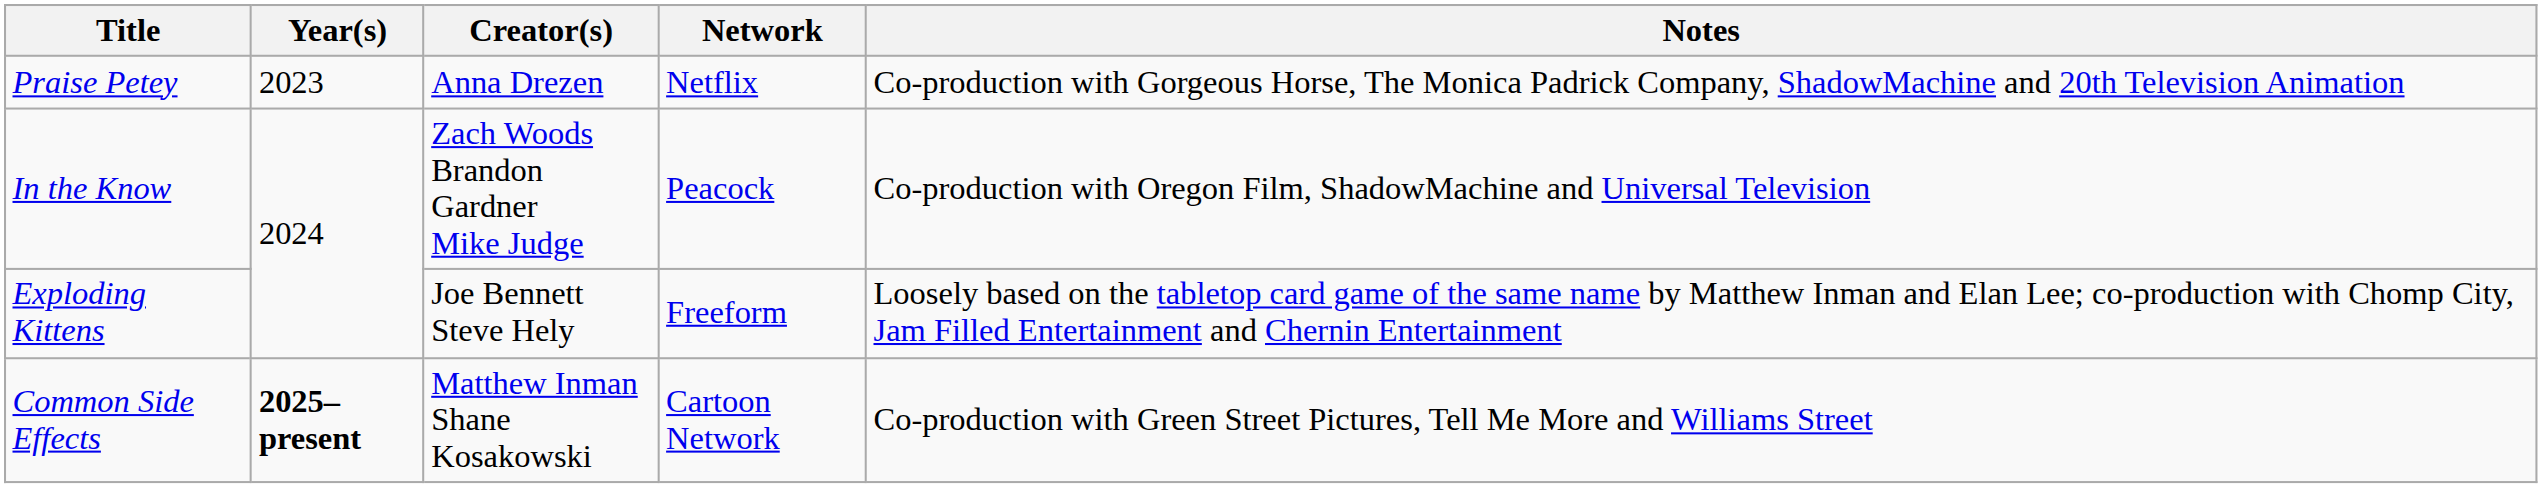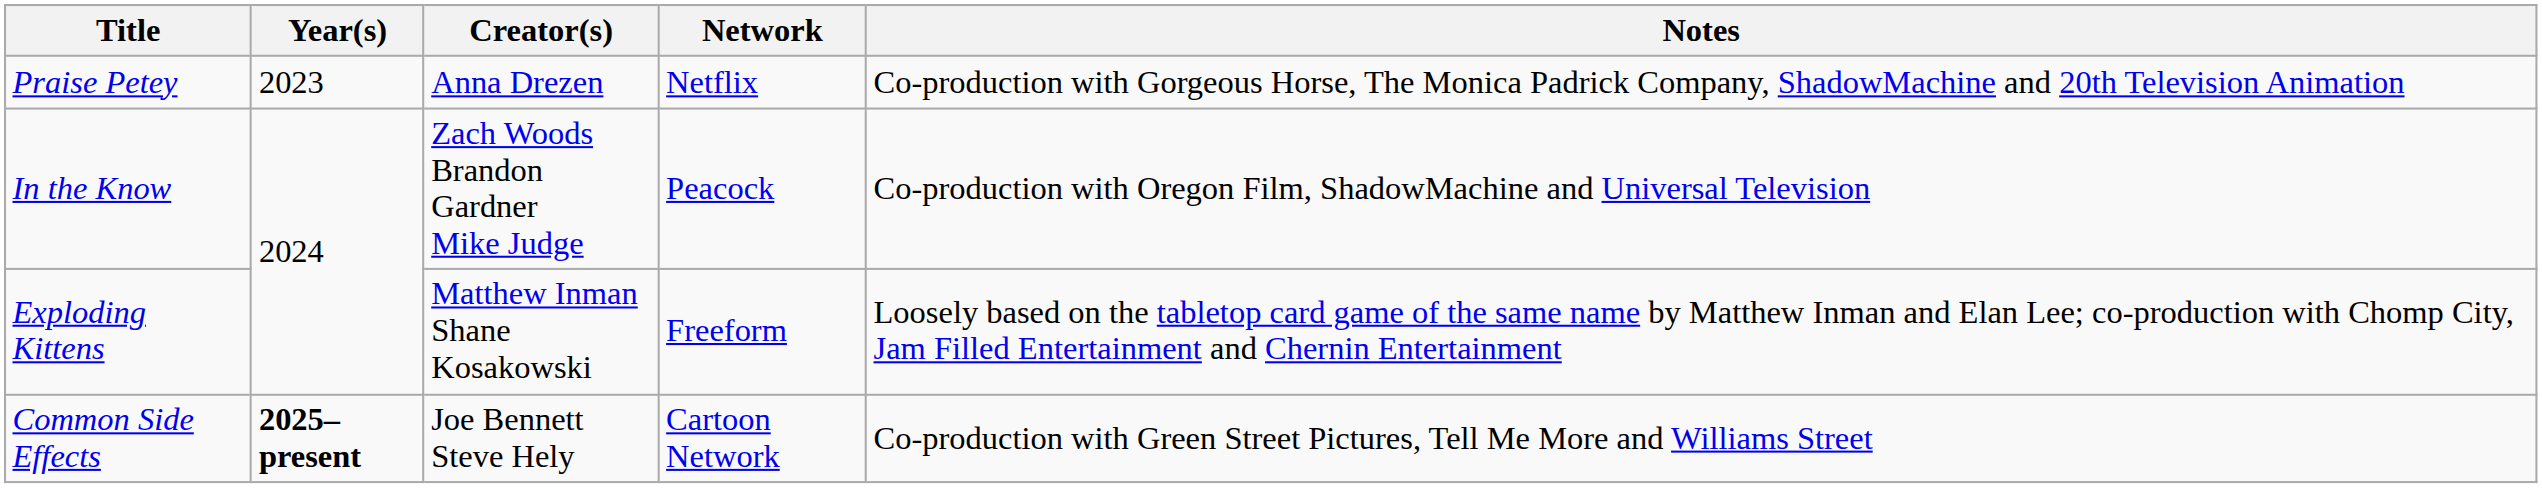 <table class="wikitable sortable">
 <tr>
 <th>Title</th>
 <th>Year(s)</th>
 <th>Creator(s)</th>
 <th>Network</th>
 <th>Notes</th>
 </tr>
 <tr>
 <td><em><a href='#'>Praise Petey</a></em></td>
 <td>2023</td>
 <td><a href='#'>Anna Drezen</a></td>
 <td><a href='#'>Netflix</a></td>
 <td>Co-production with Gorgeous Horse, The Monica Padrick Company, <a href='#'>ShadowMachine</a> and <a href='#'>20th Television Animation</a></td>
 </tr>
 <tr>
 <td><em><a href='#'>In the Know</a></em></td>
 <td rowspan="2">2024</td>
 <td><a href='#'>Zach Woods</a><br>Brandon Gardner<br><a href='#'>Mike Judge</a></td>
 <td><a href='#'>Peacock</a></td>
 <td>Co-production with Oregon Film, ShadowMachine and <a href='#'>Universal Television</a></td>
 </tr>
 <tr>
 <td><em><a href='#'>Exploding Kittens</a></em></td>
-<td>Joe Bennett<br>Steve Hely</td>
+<td><a href='#'>Matthew Inman</a><br>Shane Kosakowski</td>
 <td><a href='#'>Freeform</a></td>
 <td>Loosely based on the <a href='#'>tabletop card game of the same name</a> by Matthew Inman and Elan Lee; co-production with Chomp City, <a href='#'>Jam Filled Entertainment</a> and <a href='#'>Chernin Entertainment</a></td>
 </tr>
 <tr>
 <td><em><a href='#'>Common Side Effects</a></em></td>
 <td><strong>2025–present</strong></td>
-<td><a href='#'>Matthew Inman</a><br>Shane Kosakowski</td>
+<td>Joe Bennett<br>Steve Hely</td>
 <td><a href='#'>Cartoon Network</a><br></td>
 <td>Co-production with Green Street Pictures, Tell Me More and <a href='#'>Williams Street</a></td>
 </tr>
 </table>
